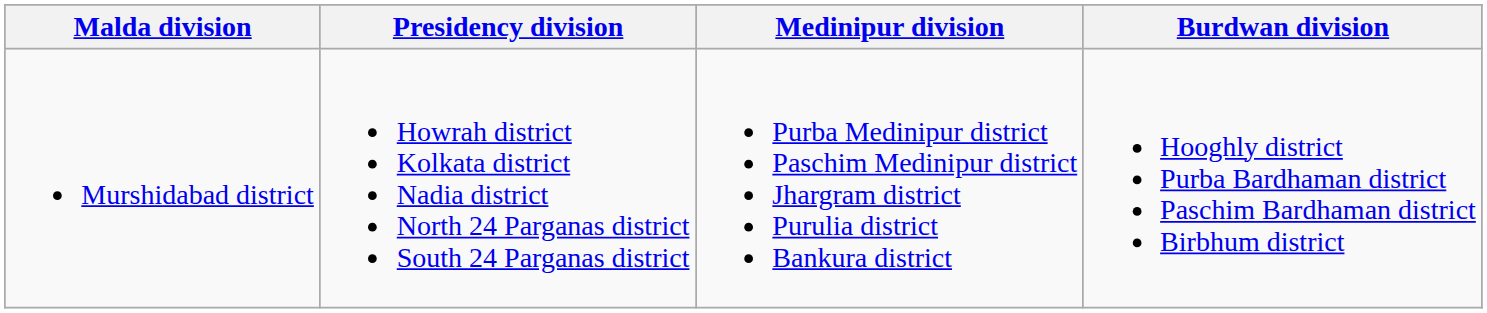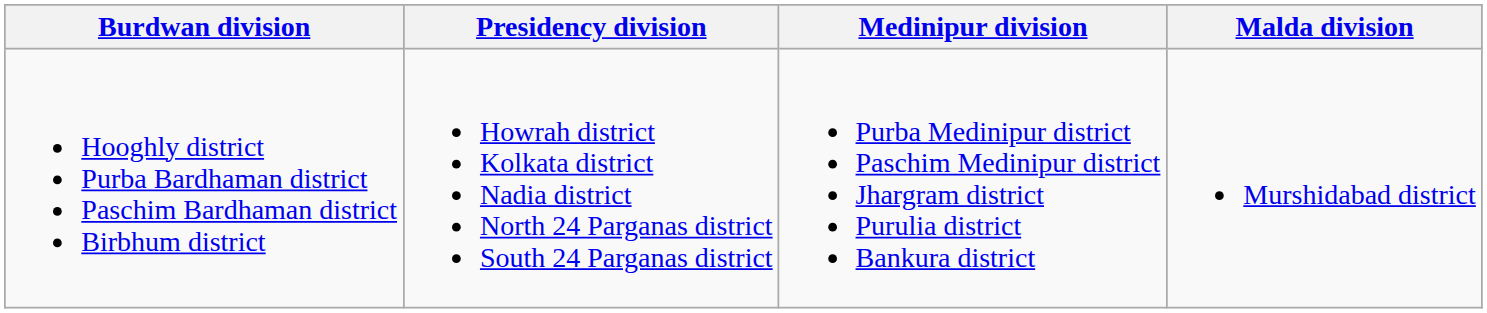 <table class="wikitable" style="text-align: left;">
 <tr>
-<th><a href='#'>Malda division</a></th>
+<th><a href='#'>Burdwan division</a></th>
 <th><a href='#'>Presidency division</a></th>
 <th><a href='#'>Medinipur division</a></th>
-<th><a href='#'>Burdwan division</a></th>
+<th><a href='#'>Malda division</a></th>
 </tr>
 <tr>
-<td><br><ul><li><a href='#'>Murshidabad district</a></li></ul></td>
+<td><br><ul><li><a href='#'>Hooghly district</a></li><li><a href='#'>Purba Bardhaman district</a></li><li><a href='#'>Paschim Bardhaman district</a></li><li><a href='#'>Birbhum district</a></li></ul></td>
 <td><br><ul><li><a href='#'>Howrah district</a></li><li><a href='#'>Kolkata district</a></li><li><a href='#'>Nadia district</a></li><li><a href='#'>North 24 Parganas district</a></li><li><a href='#'>South 24 Parganas district</a></li></ul></td>
 <td><br><ul><li><a href='#'>Purba Medinipur district</a></li><li><a href='#'>Paschim Medinipur district</a></li><li><a href='#'>Jhargram district</a></li><li><a href='#'>Purulia district</a></li><li><a href='#'>Bankura district</a></li></ul></td>
-<td><br><ul><li><a href='#'>Hooghly district</a></li><li><a href='#'>Purba Bardhaman district</a></li><li><a href='#'>Paschim Bardhaman district</a></li><li><a href='#'>Birbhum district</a></li></ul></td>
+<td><br><ul><li><a href='#'>Murshidabad district</a></li></ul></td>
 </tr>
 </table>
